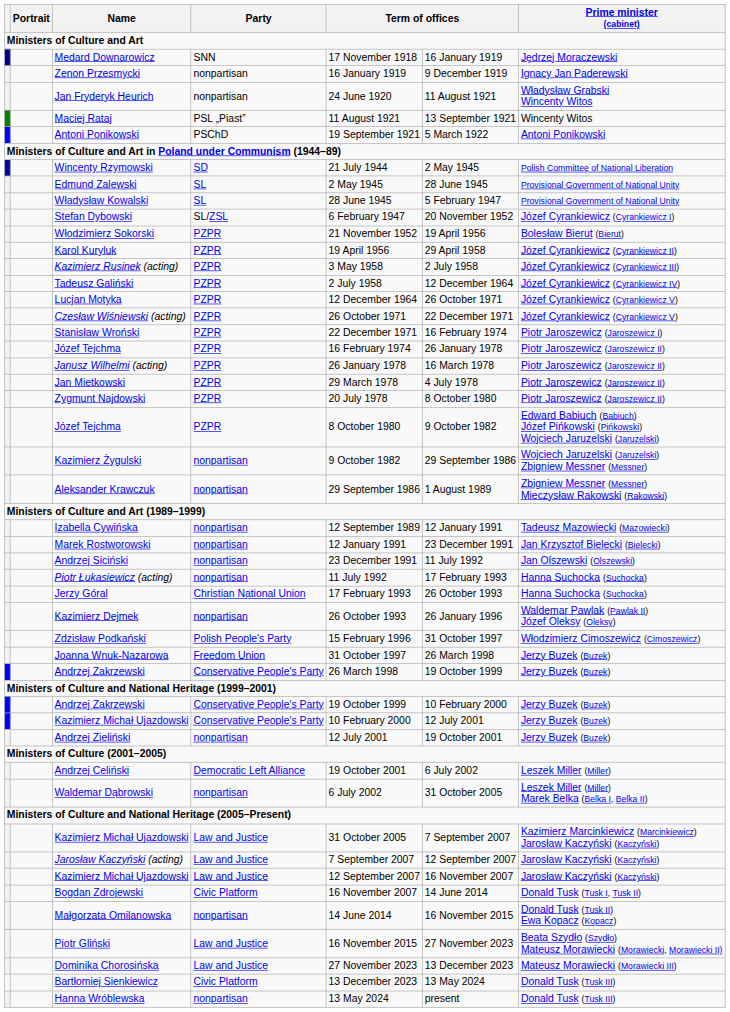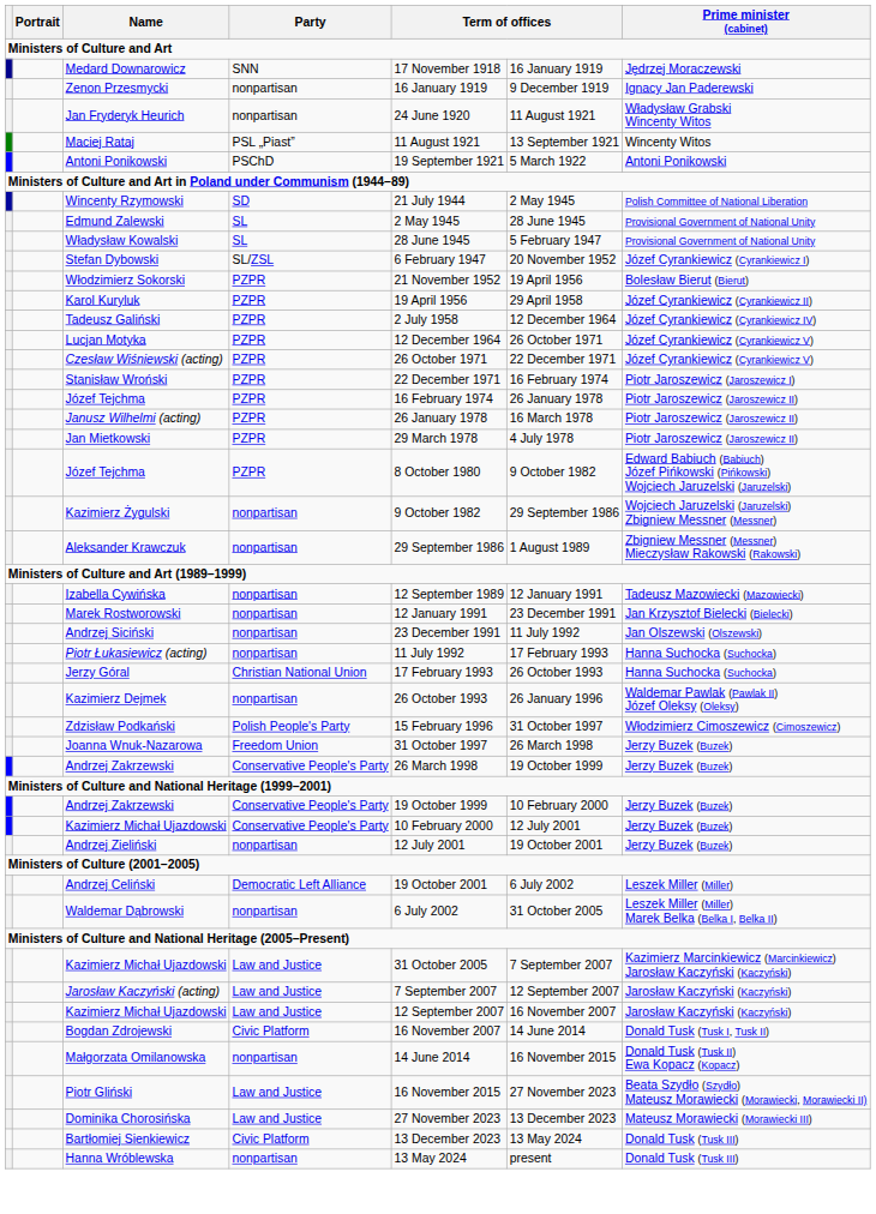 <table class="wikitable">
 <tr>
 <th></th>
 <th>Portrait</th>
 <th>Name</th>
 <th>Party</th>
 <th colspan="2">Term  of offices</th>
 <th><a href='#'>Prime minister</a><br><small><a href='#'>(cabinet)</a></small></th>
 </tr>
 <tr>
 <td colspan="7"><strong>Ministers of Culture and Art</strong></td>
 </tr>
 <tr>
 <td ! style="background:darkblue;"></td>
 <td></td>
 <td><a href='#'>Medard Downarowicz</a></td>
 <td>SNN</td>
 <td>17 November 1918</td>
 <td>16 January 1919</td>
 <td><a href='#'>Jędrzej Moraczewski</a></td>
 </tr>
 <tr>
 <th style="background:"></th>
 <td></td>
 <td><a href='#'>Zenon Przesmycki</a></td>
 <td>nonpartisan</td>
 <td>16 January 1919</td>
 <td>9 December 1919</td>
 <td><a href='#'>Ignacy Jan Paderewski</a></td>
 </tr>
 <tr>
 <th style="background:"></th>
 <td></td>
 <td><a href='#'>Jan Fryderyk Heurich</a></td>
 <td>nonpartisan</td>
 <td>24 June 1920</td>
 <td>11 August 1921</td>
 <td><a href='#'>Władysław Grabski</a><br><a href='#'>Wincenty Witos</a></td>
 </tr>
 <tr>
 <td style="width:2px;background:green;"></td>
 <td></td>
 <td><a href='#'>Maciej Rataj</a></td>
 <td>PSL „Piast”</td>
 <td>11 August 1921</td>
 <td>13 September 1921</td>
 <td>Wincenty Witos</td>
 </tr>
 <tr>
 <td style="width:2px;background:blue;"></td>
 <td></td>
 <td><a href='#'>Antoni Ponikowski</a></td>
 <td>PSChD</td>
 <td>19 September 1921</td>
 <td>5 March 1922</td>
 <td><a href='#'>Antoni Ponikowski</a></td>
 </tr>
 <tr>
 <td colspan="7"><strong>Ministers of Culture and Art in <a href='#'>Poland under Communism</a> (1944–89)</strong></td>
 </tr>
 <tr>
 <td style="width:2px;background:#02069C;"></td>
 <td></td>
 <td><a href='#'>Wincenty Rzymowski</a></td>
 <td><a href='#'>SD</a></td>
 <td>21 July 1944</td>
 <td>2 May 1945</td>
 <td><small><a href='#'>Polish Committee of National Liberation</a></small></td>
 </tr>
 <tr>
 <th style="background:"></th>
 <td></td>
 <td><a href='#'>Edmund Zalewski</a></td>
 <td><a href='#'>SL</a></td>
 <td>2 May 1945</td>
 <td>28 June 1945</td>
 <td><small><a href='#'>Provisional Government of National Unity</a></small></td>
 </tr>
 <tr>
 <th style="background:"></th>
 <td></td>
 <td><a href='#'>Władysław Kowalski</a></td>
 <td><a href='#'>SL</a></td>
 <td>28 June 1945</td>
 <td>5 February 1947</td>
 <td><small><a href='#'>Provisional Government of National Unity</a></small></td>
 </tr>
 <tr>
 <th style="background:"></th>
 <td></td>
 <td><a href='#'>Stefan Dybowski</a></td>
 <td>SL/<a href='#'>ZSL</a></td>
 <td>6 February 1947</td>
 <td>20 November 1952</td>
 <td><a href='#'>Józef Cyrankiewicz</a> <small>(<a href='#'>Cyrankiewicz I</a>)</small></td>
 </tr>
 <tr>
 <th style="background:"></th>
 <td></td>
 <td><a href='#'>Włodzimierz Sokorski</a></td>
 <td><a href='#'>PZPR</a></td>
 <td>21 November 1952</td>
 <td>19 April 1956</td>
 <td><a href='#'>Bolesław Bierut</a> <small>(<a href='#'>Bierut</a>)</small></td>
 </tr>
 <tr>
 <th style="background:"></th>
 <td></td>
 <td><a href='#'>Karol Kuryluk</a></td>
 <td><a href='#'>PZPR</a></td>
 <td>19 April 1956</td>
 <td>29 April 1958</td>
 <td><a href='#'>Józef Cyrankiewicz</a> <small>(<a href='#'>Cyrankiewicz II</a>)</small></td>
 </tr>
 <tr>
 <th style="background:"></th>
 <td></td>
-<td><em><a href='#'>Kazimierz Rusinek</a> (acting)</em></td>
-<td><a href='#'>PZPR</a></td>
-<td>3 May 1958</td>
-<td>2 July 1958</td>
-<td><a href='#'>Józef Cyrankiewicz</a> <small>(<a href='#'>Cyrankiewicz III</a>)</small></td>
-</tr>
-<tr>
-<th style="background:"></th>
-<td></td>
 <td><a href='#'>Tadeusz Galiński</a></td>
 <td><a href='#'>PZPR</a></td>
 <td>2 July 1958</td>
 <td>12 December 1964</td>
 <td><a href='#'>Józef Cyrankiewicz</a> <small>(<a href='#'>Cyrankiewicz IV</a>)</small></td>
 </tr>
 <tr>
 <th style="background:"></th>
 <td></td>
 <td><a href='#'>Lucjan Motyka</a></td>
 <td><a href='#'>PZPR</a></td>
 <td>12 December 1964</td>
 <td>26 October 1971</td>
 <td><a href='#'>Józef Cyrankiewicz</a> <small>(<a href='#'>Cyrankiewicz V</a>)</small></td>
 </tr>
 <tr>
 <th style="background:"></th>
 <td></td>
 <td><em><a href='#'>Czesław Wiśniewski</a> (acting)</em></td>
 <td><a href='#'>PZPR</a></td>
 <td>26 October 1971</td>
 <td>22 December 1971</td>
 <td><a href='#'>Józef Cyrankiewicz</a> <small>(<a href='#'>Cyrankiewicz V</a>)</small></td>
 </tr>
 <tr>
 <th style="background:"></th>
 <td></td>
 <td><a href='#'>Stanisław Wroński</a></td>
 <td><a href='#'>PZPR</a></td>
 <td>22 December 1971</td>
 <td>16 February 1974</td>
 <td><a href='#'>Piotr Jaroszewicz</a> <small>(<a href='#'>Jaroszewicz I</a>)</small></td>
 </tr>
 <tr>
 <th style="background:"></th>
 <td></td>
 <td><a href='#'>Józef Tejchma</a></td>
 <td><a href='#'>PZPR</a></td>
 <td>16 February 1974</td>
 <td>26 January 1978</td>
 <td><a href='#'>Piotr Jaroszewicz</a> <small>(<a href='#'>Jaroszewicz II</a>)</small></td>
 </tr>
 <tr>
 <th style="background:"></th>
 <td></td>
 <td><em><a href='#'>Janusz Wilhelmi</a> (acting)</em></td>
 <td><a href='#'>PZPR</a></td>
 <td>26 January 1978</td>
 <td>16 March 1978</td>
 <td><a href='#'>Piotr Jaroszewicz</a> <small>(<a href='#'>Jaroszewicz II</a>)</small></td>
 </tr>
 <tr>
 <th style="background:"></th>
 <td></td>
 <td><a href='#'>Jan Mietkowski</a></td>
 <td><a href='#'>PZPR</a></td>
 <td>29 March 1978</td>
 <td>4 July 1978</td>
-<td><a href='#'>Piotr Jaroszewicz</a> <small>(<a href='#'>Jaroszewicz II</a>)</small></td>
-</tr>
-<tr>
-<th style="background:"></th>
-<td></td>
-<td><a href='#'>Zygmunt Najdowski</a></td>
-<td><a href='#'>PZPR</a></td>
-<td>20 July 1978</td>
-<td>8 October 1980</td>
 <td><a href='#'>Piotr Jaroszewicz</a> <small>(<a href='#'>Jaroszewicz II</a>)</small></td>
 </tr>
 <tr>
 <th style="background:"></th>
 <td></td>
 <td><a href='#'>Józef Tejchma</a></td>
 <td><a href='#'>PZPR</a></td>
 <td>8 October 1980</td>
 <td>9 October 1982</td>
 <td><a href='#'>Edward Babiuch</a> <small>(<a href='#'>Babiuch</a>)</small><br><a href='#'>Józef Pińkowski</a> <small>(<a href='#'>Pińkowski</a>)</small><br><a href='#'>Wojciech Jaruzelski</a> <small>(<a href='#'>Jaruzelski</a>)</small></td>
 </tr>
 <tr>
 <th style="background:"></th>
 <td></td>
 <td><a href='#'>Kazimierz Żygulski</a></td>
 <td><a href='#'>nonpartisan</a></td>
 <td>9 October 1982</td>
 <td>29 September 1986</td>
 <td><a href='#'>Wojciech Jaruzelski</a> <small>(<a href='#'>Jaruzelski</a>)</small><br><a href='#'>Zbigniew Messner</a> <small>(<a href='#'>Messner</a>)</small></td>
 </tr>
 <tr>
 <th style="background:"></th>
 <td></td>
 <td><a href='#'>Aleksander Krawczuk</a></td>
 <td><a href='#'>nonpartisan</a></td>
 <td>29 September 1986</td>
 <td>1 August 1989</td>
 <td><a href='#'>Zbigniew Messner</a> <small>(<a href='#'>Messner</a>)</small><br><a href='#'>Mieczysław Rakowski</a> <small>(<a href='#'>Rakowski</a>)</small></td>
 </tr>
 <tr>
 <td colspan="7"><strong>Ministers of Culture and Art (1989–1999)</strong></td>
 </tr>
 <tr>
 <th style="background:"></th>
 <td></td>
 <td><a href='#'>Izabella Cywińska</a></td>
 <td><a href='#'>nonpartisan</a></td>
 <td>12 September 1989</td>
 <td>12 January 1991</td>
 <td><a href='#'>Tadeusz Mazowiecki</a> <small>(<a href='#'>Mazowiecki</a>)</small></td>
 </tr>
 <tr>
 <th style="background:"></th>
 <td></td>
 <td><a href='#'>Marek Rostworowski</a></td>
 <td><a href='#'>nonpartisan</a></td>
 <td>12 January 1991</td>
 <td>23 December 1991</td>
 <td><a href='#'>Jan Krzysztof Bielecki</a> <small>(<a href='#'>Bielecki</a>)</small></td>
 </tr>
 <tr>
 <th style="background:"></th>
 <td></td>
 <td><a href='#'>Andrzej Siciński</a></td>
 <td><a href='#'>nonpartisan</a></td>
 <td>23 December 1991</td>
 <td>11 July 1992</td>
 <td><a href='#'>Jan Olszewski</a> <small>(<a href='#'>Olszewski</a>)</small></td>
 </tr>
 <tr>
 <th style="background:"></th>
 <td></td>
 <td><em><a href='#'>Piotr Łukasiewicz</a> (acting)</em></td>
 <td><a href='#'>nonpartisan</a></td>
 <td>11 July 1992</td>
 <td>17 February 1993</td>
 <td><a href='#'>Hanna Suchocka</a> <small>(<a href='#'>Suchocka</a>)</small></td>
 </tr>
 <tr>
 <th style="background:"></th>
 <td></td>
 <td><a href='#'>Jerzy Góral</a></td>
 <td><a href='#'>Christian National Union</a></td>
 <td>17 February 1993</td>
 <td>26 October 1993</td>
 <td><a href='#'>Hanna Suchocka</a> <small>(<a href='#'>Suchocka</a>)</small></td>
 </tr>
 <tr>
 <th style="background:"></th>
 <td></td>
 <td><a href='#'>Kazimierz Dejmek</a></td>
 <td><a href='#'>nonpartisan</a></td>
 <td>26 October 1993</td>
 <td>26 January 1996</td>
 <td><a href='#'>Waldemar Pawlak</a> <small>(<a href='#'>Pawlak II</a>)</small><br><a href='#'>Józef Oleksy</a> <small>(<a href='#'>Oleksy</a>)</small></td>
 </tr>
 <tr>
 <th style="background:"></th>
 <td></td>
 <td><a href='#'>Zdzisław Podkański</a></td>
 <td><a href='#'>Polish People's Party</a></td>
 <td>15 February 1996</td>
 <td>31 October 1997</td>
 <td><a href='#'>Włodzimierz Cimoszewicz</a> <small>(<a href='#'>Cimoszewicz</a>)</small></td>
 </tr>
 <tr>
 <th style="background:"></th>
 <td></td>
 <td><a href='#'>Joanna Wnuk-Nazarowa</a></td>
 <td><a href='#'>Freedom Union</a></td>
 <td>31 October 1997</td>
 <td>26 March 1998</td>
 <td><a href='#'>Jerzy Buzek</a> <small>(<a href='#'>Buzek</a>)</small></td>
 </tr>
 <tr>
 <th style="background:blue;"></th>
 <td></td>
 <td><a href='#'>Andrzej Zakrzewski</a></td>
 <td><a href='#'>Conservative People's Party</a></td>
 <td>26 March 1998</td>
 <td>19 October 1999</td>
 <td><a href='#'>Jerzy Buzek</a> <small>(<a href='#'>Buzek</a>)</small></td>
 </tr>
 <tr>
 <td colspan="7"><strong>Ministers of Culture and National Heritage (1999–2001)</strong></td>
 </tr>
 <tr>
 <th style="background:blue;"></th>
 <td></td>
 <td><a href='#'>Andrzej Zakrzewski</a></td>
 <td><a href='#'>Conservative People's Party</a></td>
 <td>19 October 1999</td>
 <td>10 February 2000</td>
 <td><a href='#'>Jerzy Buzek</a> <small>(<a href='#'>Buzek</a>)</small></td>
 </tr>
 <tr>
 <th style="background:blue;"></th>
 <td></td>
 <td><a href='#'>Kazimierz Michał Ujazdowski</a></td>
 <td><a href='#'>Conservative People's Party</a></td>
 <td>10 February 2000</td>
 <td>12 July 2001</td>
 <td><a href='#'>Jerzy Buzek</a> <small>(<a href='#'>Buzek</a>)</small></td>
 </tr>
 <tr>
 <th style="background:"></th>
 <td></td>
 <td><a href='#'>Andrzej Zieliński</a></td>
 <td><a href='#'>nonpartisan</a></td>
 <td>12 July 2001</td>
 <td>19 October 2001</td>
 <td><a href='#'>Jerzy Buzek</a> <small>(<a href='#'>Buzek</a>)</small></td>
 </tr>
 <tr>
 <td colspan="7"><strong>Ministers of Culture (2001–2005)</strong></td>
 </tr>
 <tr>
 <th style="background:"></th>
 <td></td>
 <td><a href='#'>Andrzej Celiński</a></td>
 <td><a href='#'>Democratic Left Alliance</a></td>
 <td>19 October 2001</td>
 <td>6 July 2002</td>
 <td><a href='#'>Leszek Miller</a> <small>(<a href='#'>Miller</a>)</small></td>
 </tr>
 <tr>
 <th style="background:"></th>
 <td></td>
 <td><a href='#'>Waldemar Dąbrowski</a></td>
 <td><a href='#'>nonpartisan</a></td>
 <td>6 July 2002</td>
 <td>31 October 2005</td>
 <td><a href='#'>Leszek Miller</a> <small>(<a href='#'>Miller</a>)</small><br><a href='#'>Marek Belka</a> <small>(<a href='#'>Belka I</a>, <a href='#'>Belka II</a>)</small></td>
 </tr>
 <tr>
 <td colspan="7"><strong>Ministers of Culture and National Heritage (2005–Present)</strong></td>
 </tr>
 <tr>
 <th style="background:"></th>
 <td></td>
 <td><a href='#'>Kazimierz Michał Ujazdowski</a></td>
 <td><a href='#'>Law and Justice</a></td>
 <td>31 October 2005</td>
 <td>7 September 2007</td>
 <td><a href='#'>Kazimierz Marcinkiewicz</a> <small>(<a href='#'>Marcinkiewicz</a>)</small><br><a href='#'>Jarosław Kaczyński</a> <small>(<a href='#'>Kaczyński</a>)</small></td>
 </tr>
 <tr>
 <th style="background:"></th>
 <td></td>
 <td><em><a href='#'>Jarosław Kaczyński</a> (acting)</em></td>
 <td><a href='#'>Law and Justice</a></td>
 <td>7 September 2007</td>
 <td>12 September 2007</td>
 <td><a href='#'>Jarosław Kaczyński</a> <small>(<a href='#'>Kaczyński</a>)</small></td>
 </tr>
 <tr>
 <th style="background:"></th>
 <td></td>
 <td><a href='#'>Kazimierz Michał Ujazdowski</a></td>
 <td><a href='#'>Law and Justice</a></td>
 <td>12 September 2007</td>
 <td>16 November 2007</td>
 <td><a href='#'>Jarosław Kaczyński</a> <small>(<a href='#'>Kaczyński</a>)</small></td>
 </tr>
 <tr>
 <th style="background:"></th>
 <td></td>
 <td><a href='#'>Bogdan Zdrojewski</a></td>
 <td><a href='#'>Civic Platform</a></td>
 <td>16 November 2007</td>
 <td>14 June 2014</td>
 <td><a href='#'>Donald Tusk</a> <small>(<a href='#'>Tusk I</a>, <a href='#'>Tusk II</a>)</small></td>
 </tr>
 <tr>
 <th style="background:"></th>
 <td></td>
 <td><a href='#'>Małgorzata Omilanowska</a></td>
 <td><a href='#'>nonpartisan</a></td>
 <td>14 June 2014</td>
 <td>16 November 2015</td>
 <td><a href='#'>Donald Tusk</a> <small>(<a href='#'>Tusk II</a>)</small><br><a href='#'>Ewa Kopacz</a> <small>(<a href='#'>Kopacz</a>)</small></td>
 </tr>
 <tr>
 <th style="background:"></th>
 <td></td>
 <td><a href='#'>Piotr Gliński</a></td>
 <td><a href='#'>Law and Justice</a></td>
 <td>16 November 2015</td>
 <td>27 November 2023</td>
 <td><a href='#'>Beata Szydło</a> <small>(<a href='#'>Szydło</a>)</small><br><a href='#'>Mateusz Morawiecki</a> <small>(<a href='#'>Morawiecki</a>, <a href='#'>Morawiecki II)</a></small></td>
 </tr>
 <tr>
 <th style="background:"></th>
 <td></td>
 <td><a href='#'>Dominika Chorosińska</a></td>
 <td><a href='#'>Law and Justice</a></td>
 <td>27 November 2023</td>
 <td>13 December 2023</td>
 <td><a href='#'>Mateusz Morawiecki</a> <small>(<a href='#'>Morawiecki III</a>)</small></td>
 </tr>
 <tr>
 <td style="background:"></td>
 <td></td>
 <td><a href='#'>Bartłomiej Sienkiewicz</a></td>
 <td><a href='#'>Civic Platform</a></td>
 <td>13 December 2023</td>
 <td>13 May 2024</td>
 <td><a href='#'>Donald Tusk</a> <small>(<a href='#'>Tusk III</a>)</small></td>
 </tr>
 <tr>
 <th style="background:"></th>
 <td></td>
 <td><a href='#'>Hanna Wróblewska</a></td>
 <td><a href='#'>nonpartisan</a></td>
 <td>13 May 2024</td>
 <td>present</td>
 <td><a href='#'>Donald Tusk</a> <small>(<a href='#'>Tusk III</a>)</small></td>
 </tr>
 </table>
